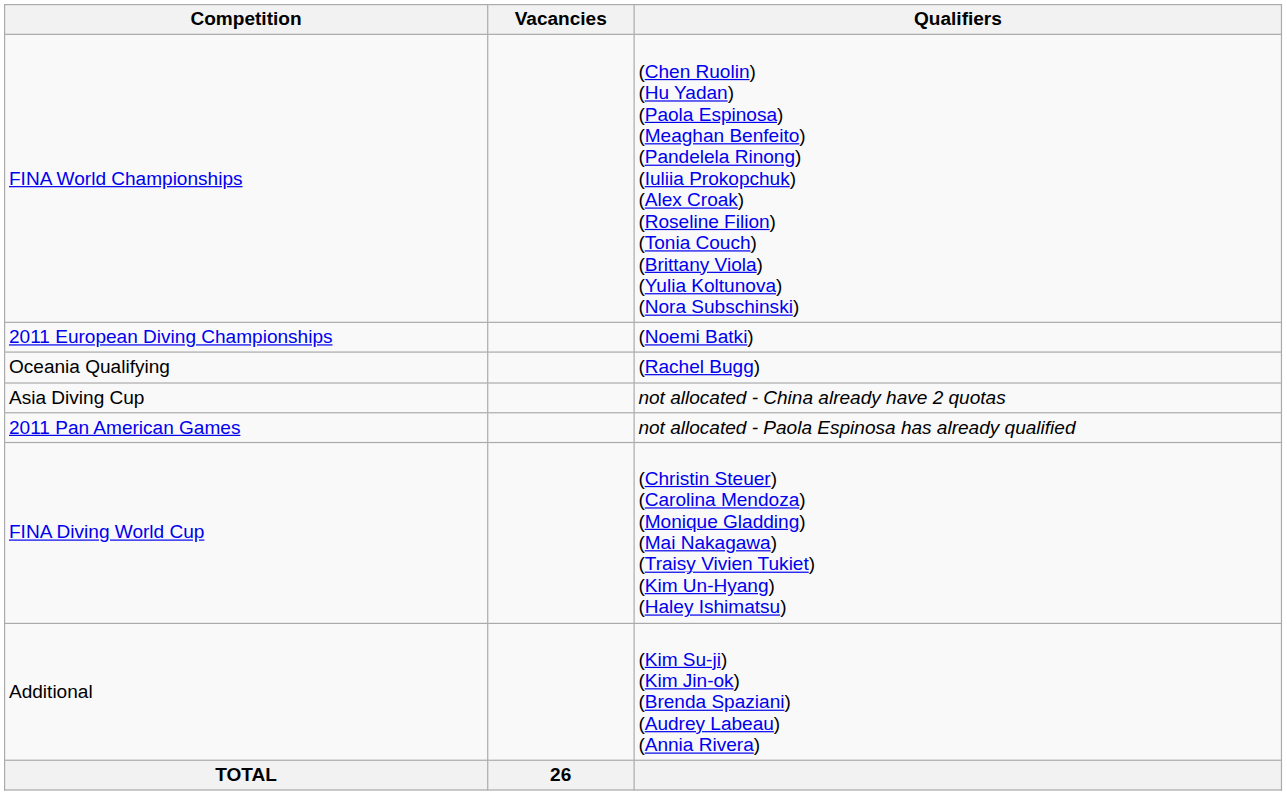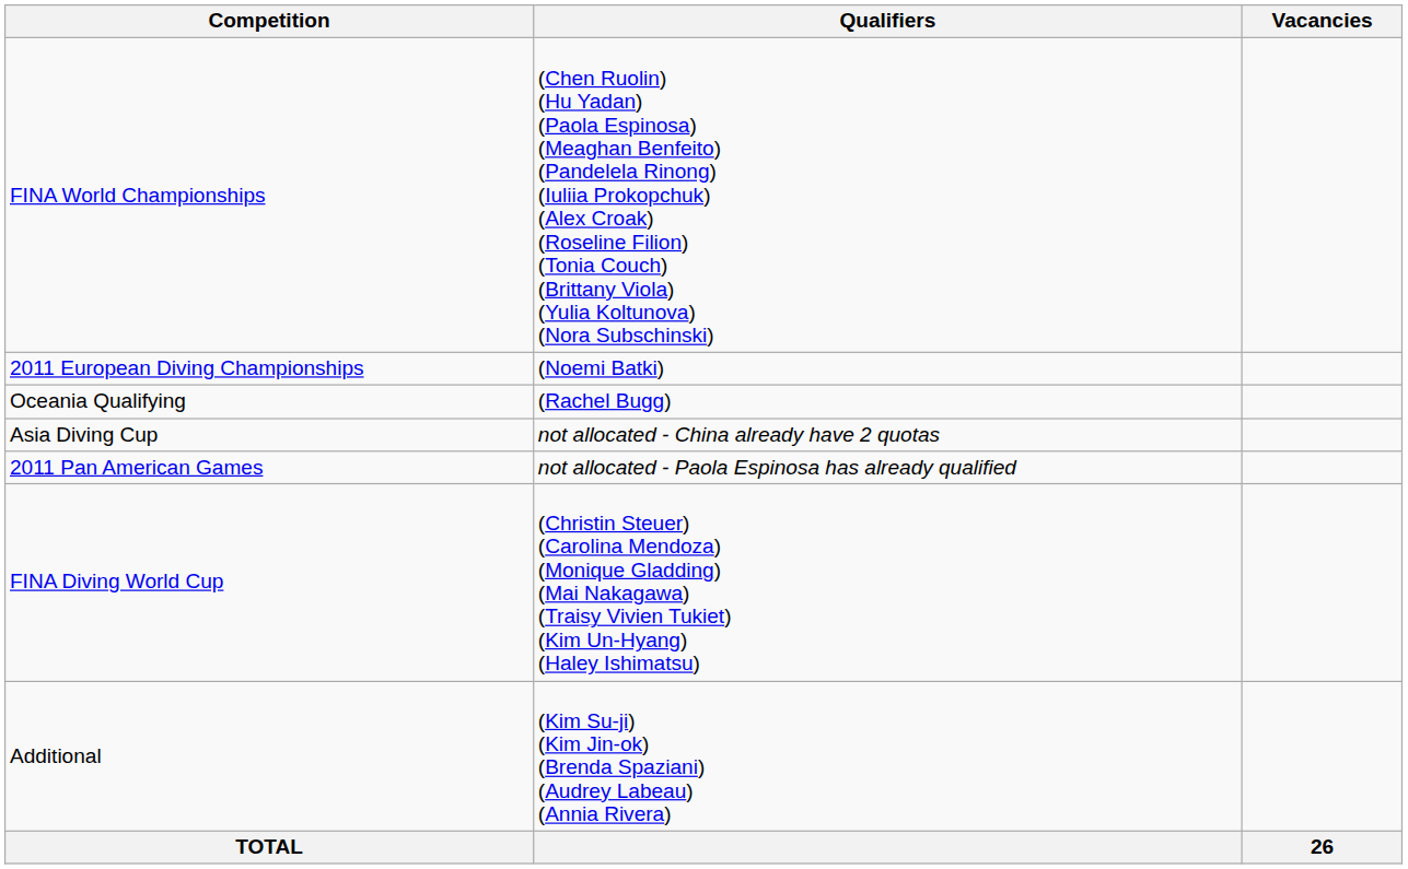 <table class="wikitable" width=85%>
 <tr>
 <th>Competition</th>
+<th>Qualifiers</th>
 <th>Vacancies</th>
-<th>Qualifiers</th>
 </tr>
 <tr>
 <td><a href='#'>FINA World Championships</a></td>
+<td><br> (<a href='#'>Chen Ruolin</a>)<br>  (<a href='#'>Hu Yadan</a>)<br>  (<a href='#'>Paola Espinosa</a>)<br>  (<a href='#'>Meaghan Benfeito</a>)<br>  (<a href='#'>Pandelela Rinong</a>)<br>  (<a href='#'>Iuliia Prokopchuk</a>)<br>  (<a href='#'>Alex Croak</a>)<br>  (<a href='#'>Roseline Filion</a>)<br>  (<a href='#'>Tonia Couch</a>)<br>  (<a href='#'>Brittany Viola</a>)<br>  (<a href='#'>Yulia Koltunova</a>)<br>  (<a href='#'>Nora Subschinski</a>)</td>
 <td></td>
-<td><br> (<a href='#'>Chen Ruolin</a>)<br>  (<a href='#'>Hu Yadan</a>)<br>  (<a href='#'>Paola Espinosa</a>)<br>  (<a href='#'>Meaghan Benfeito</a>)<br>  (<a href='#'>Pandelela Rinong</a>)<br>  (<a href='#'>Iuliia Prokopchuk</a>)<br>  (<a href='#'>Alex Croak</a>)<br>  (<a href='#'>Roseline Filion</a>)<br>  (<a href='#'>Tonia Couch</a>)<br>  (<a href='#'>Brittany Viola</a>)<br>  (<a href='#'>Yulia Koltunova</a>)<br>  (<a href='#'>Nora Subschinski</a>)</td>
 </tr>
 <tr>
 <td><a href='#'>2011 European Diving Championships</a></td>
+<td> (<a href='#'>Noemi Batki</a>)</td>
 <td></td>
-<td> (<a href='#'>Noemi Batki</a>)</td>
 </tr>
 <tr>
 <td>Oceania Qualifying</td>
+<td> (<a href='#'>Rachel Bugg</a>)</td>
 <td></td>
-<td> (<a href='#'>Rachel Bugg</a>)</td>
 </tr>
 <tr>
 <td>Asia Diving Cup</td>
+<td><em>not allocated - China already have 2 quotas</em></td>
 <td></td>
-<td><em>not allocated - China already have 2 quotas</em></td>
 </tr>
 <tr>
 <td><a href='#'>2011 Pan American Games</a></td>
+<td><em>not allocated - Paola Espinosa has already qualified</em></td>
 <td></td>
-<td><em>not allocated - Paola Espinosa has already qualified</em></td>
 </tr>
 <tr>
 <td><a href='#'>FINA Diving World Cup</a></td>
+<td><br> (<a href='#'>Christin Steuer</a>)<br>  (<a href='#'>Carolina Mendoza</a>)<br>  (<a href='#'>Monique Gladding</a>)<br>  (<a href='#'>Mai Nakagawa</a>)<br>  (<a href='#'>Traisy Vivien Tukiet</a>)<br>  (<a href='#'>Kim Un-Hyang</a>)<br>  (<a href='#'>Haley Ishimatsu</a>)<br></td>
 <td></td>
-<td><br> (<a href='#'>Christin Steuer</a>)<br>  (<a href='#'>Carolina Mendoza</a>)<br>  (<a href='#'>Monique Gladding</a>)<br>  (<a href='#'>Mai Nakagawa</a>)<br>  (<a href='#'>Traisy Vivien Tukiet</a>)<br>  (<a href='#'>Kim Un-Hyang</a>)<br>  (<a href='#'>Haley Ishimatsu</a>)<br></td>
 </tr>
 <tr>
 <td>Additional</td>
+<td><br> (<a href='#'>Kim Su-ji</a>)<br>  (<a href='#'>Kim Jin-ok</a>)<br>  (<a href='#'>Brenda Spaziani</a>)<br>  (<a href='#'>Audrey Labeau</a>)<br>  (<a href='#'>Annia Rivera</a>)<br></td>
 <td></td>
-<td><br> (<a href='#'>Kim Su-ji</a>)<br>  (<a href='#'>Kim Jin-ok</a>)<br>  (<a href='#'>Brenda Spaziani</a>)<br>  (<a href='#'>Audrey Labeau</a>)<br>  (<a href='#'>Annia Rivera</a>)<br></td>
 </tr>
 <tr>
 <th>TOTAL</th>
+<th></th>
 <th>26</th>
-<th></th>
 </tr>
 </table>
